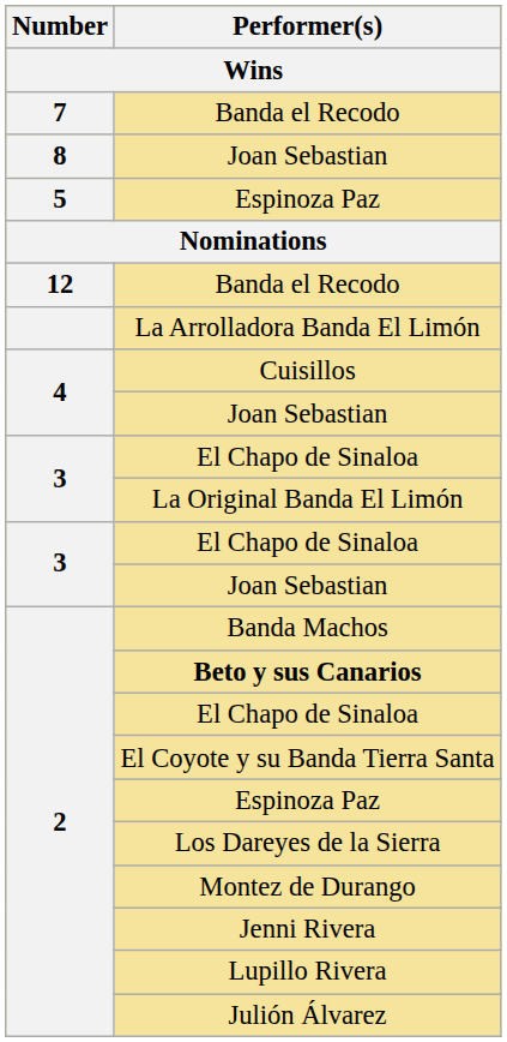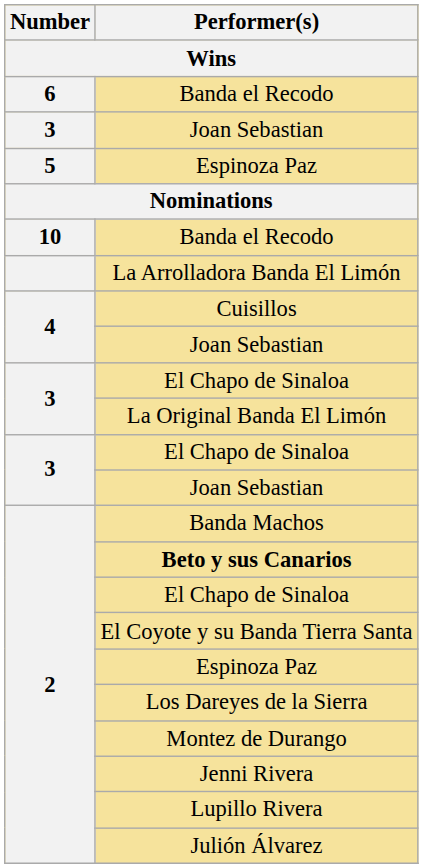 <table class="wikitable" rowspan=2 style="text-align: center; background: #f6e39c">
 <tr>
 <th scope="col" style="width:55px;">Number</th>
 <th scope="col" style="text-align:center;">Performer(s)</th>
 </tr>
 <tr>
 <th colspan="2">Wins</th>
 </tr>
 <tr>
-<th scope="row" rowspan=1 style="text-align:center">7</th>
+<th scope="row" rowspan=1 style="text-align:center">6</th>
 <td>Banda el Recodo</td>
 </tr>
 <tr>
-<th scope="row" rowspan=1 style="text-align:center">8</th>
+<th scope="row" rowspan=1 style="text-align:center">3</th>
 <td>Joan Sebastian</td>
 </tr>
 <tr>
 <th scope="row" rowspan=1 style="text-align:center">5</th>
 <td>Espinoza Paz</td>
 </tr>
 <tr>
 <th colspan="2">Nominations</th>
 </tr>
 <tr>
-<th scope="row" rowspan=1 style="text-align:center">12</th>
+<th scope="row" rowspan=1 style="text-align:center">10</th>
 <td>Banda el Recodo</td>
 </tr>
 <tr>
 <th scope="row"></th>
 <td>La Arrolladora Banda El Limón</td>
 </tr>
 <tr>
 <th scope="row" rowspan=2 style="text-align:center">4</th>
 <td>Cuisillos</td>
 </tr>
 <tr>
 <td>Joan Sebastian</td>
 </tr>
 <tr>
 <th scope="row" rowspan=2 style="text-align:center">3</th>
 <td>El Chapo de Sinaloa</td>
 </tr>
 <tr>
 <td>La Original Banda El Limón</td>
 </tr>
 <tr>
 <th scope="row" rowspan=2 style="text-align:center">3</th>
 <td>El Chapo de Sinaloa</td>
 </tr>
 <tr>
 <td>Joan Sebastian</td>
 </tr>
 <tr>
 <th scope="row" rowspan=10 style="text-align:center">2</th>
 <td>Banda Machos</td>
 </tr>
 <tr>
 <td><strong>Beto y sus Canarios</strong></td>
 </tr>
 <tr>
 <td>El Chapo de Sinaloa</td>
 </tr>
 <tr>
 <td>El Coyote y su Banda Tierra Santa</td>
 </tr>
 <tr>
 <td>Espinoza Paz</td>
 </tr>
 <tr>
 <td>Los Dareyes de la Sierra</td>
 </tr>
 <tr>
 <td>Montez de Durango</td>
 </tr>
 <tr>
 <td>Jenni Rivera</td>
 </tr>
 <tr>
 <td>Lupillo Rivera</td>
 </tr>
 <tr>
 <td>Julión Álvarez</td>
 </tr>
 <tr>
 </tr>
 </table>
